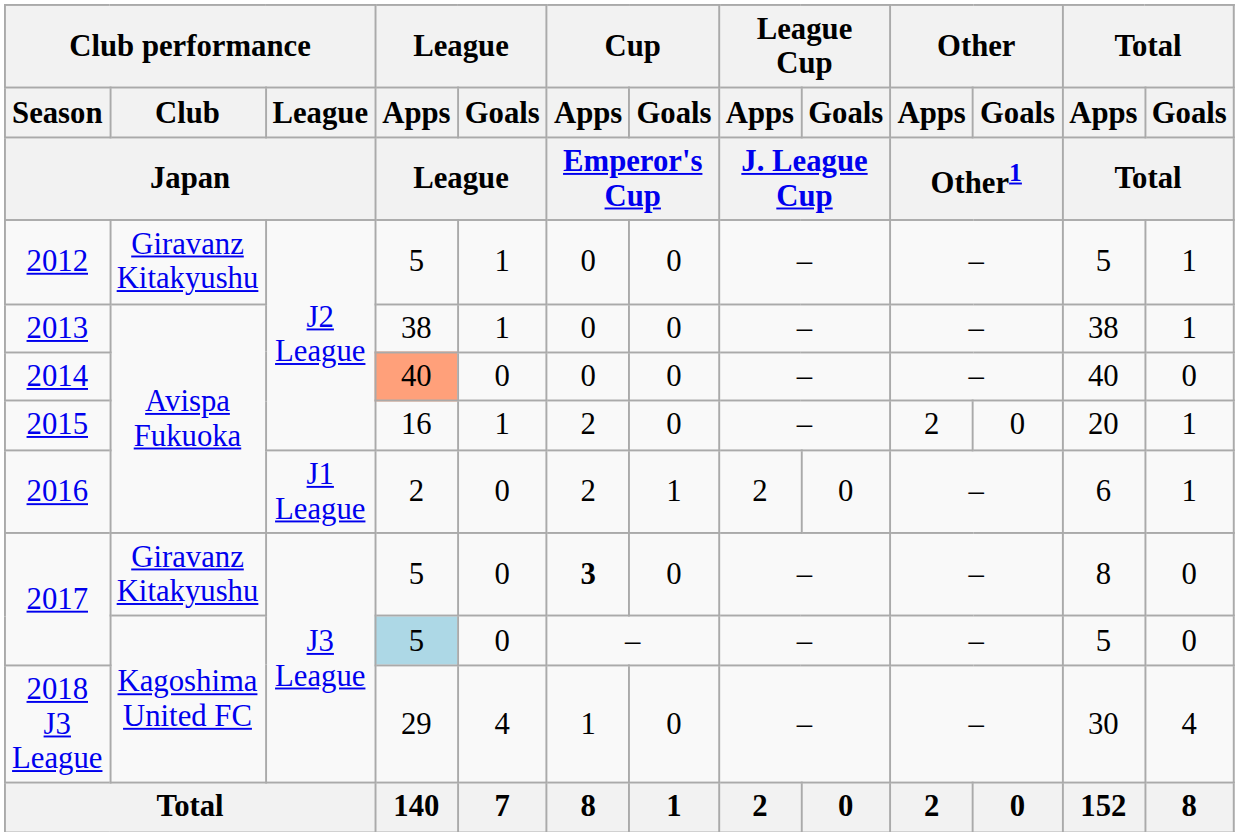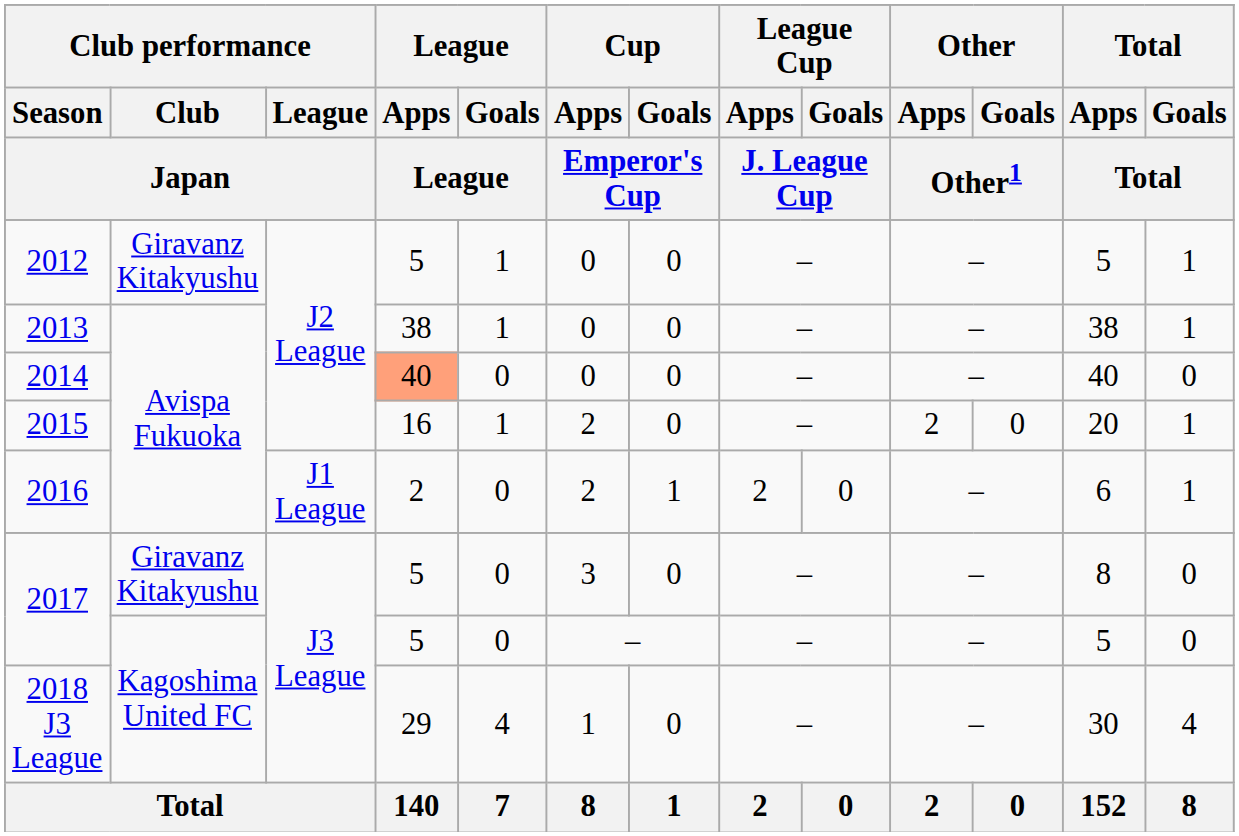 <table class="wikitable" style="text-align:center;">
 <tr>
 <th colspan=3>Club performance</th>
 <th colspan=2>League</th>
 <th colspan=2>Cup</th>
 <th colspan=2>League Cup</th>
 <th colspan=2>Other</th>
 <th colspan=2>Total</th>
 </tr>
 <tr>
 <th>Season</th>
 <th>Club</th>
 <th>League</th>
 <th>Apps</th>
 <th>Goals</th>
 <th>Apps</th>
 <th>Goals</th>
 <th>Apps</th>
 <th>Goals</th>
 <th>Apps</th>
 <th>Goals</th>
 <th>Apps</th>
 <th>Goals</th>
 </tr>
 <tr>
 <th colspan=3>Japan</th>
 <th colspan=2>League</th>
 <th colspan=2><a href='#'>Emperor's Cup</a></th>
 <th colspan=2><a href='#'>J. League Cup</a></th>
 <th colspan=2>Other<sup><a href='#'>1</a></sup></th>
 <th colspan=2>Total</th>
 </tr>
 <tr>
 <td><a href='#'>2012</a></td>
 <td><a href='#'>Giravanz Kitakyushu</a></td>
 <td rowspan=4><a href='#'>J2 League</a></td>
 <td>5</td>
 <td>1</td>
 <td>0</td>
 <td>0</td>
 <td colspan="2">–</td>
 <td colspan="2">–</td>
 <td>5</td>
 <td>1</td>
 </tr>
 <tr>
 <td><a href='#'>2013</a></td>
 <td rowspan="4"><a href='#'>Avispa Fukuoka</a></td>
 <td>38</td>
 <td>1</td>
 <td>0</td>
 <td>0</td>
 <td colspan="2">–</td>
 <td colspan="2">–</td>
 <td>38</td>
 <td>1</td>
 </tr>
 <tr>
 <td><a href='#'>2014</a></td>
 <td style="background: lightsalmon;">40</td>
 <td>0</td>
 <td>0</td>
 <td>0</td>
 <td colspan="2">–</td>
 <td colspan="2">–</td>
 <td>40</td>
 <td>0</td>
 </tr>
 <tr>
 <td><a href='#'>2015</a></td>
 <td>16</td>
 <td>1</td>
 <td>2</td>
 <td>0</td>
 <td colspan="2">–</td>
 <td>2</td>
 <td>0</td>
 <td>20</td>
 <td>1</td>
 </tr>
 <tr>
 <td><a href='#'>2016</a></td>
 <td><a href='#'>J1 League</a></td>
 <td>2</td>
 <td>0</td>
 <td>2</td>
 <td>1</td>
 <td>2</td>
 <td>0</td>
 <td colspan="2">–</td>
 <td>6</td>
 <td>1</td>
 </tr>
 <tr>
 <td rowspan="2"><a href='#'>2017</a></td>
 <td><a href='#'>Giravanz Kitakyushu</a></td>
 <td rowspan="3"><a href='#'>J3 League</a></td>
 <td>5</td>
 <td>0</td>
-<td><strong>3</strong></td>
+<td>3</td>
 <td>0</td>
 <td colspan="2">–</td>
 <td colspan="2">–</td>
 <td>8</td>
 <td>0</td>
 </tr>
 <tr>
 <td rowspan=2><a href='#'>Kagoshima United FC</a></td>
-<td style="background: lightblue;">5</td>
+<td>5</td>
 <td>0</td>
 <td colspan="2">–</td>
 <td colspan="2">–</td>
 <td colspan="2">–</td>
 <td>5</td>
 <td>0</td>
 </tr>
 <tr>
 <td><a href='#'>2018 J3 League</a></td>
 <td>29</td>
 <td>4</td>
 <td>1</td>
 <td>0</td>
 <td colspan="2">–</td>
 <td colspan="2">–</td>
 <td>30</td>
 <td>4</td>
 </tr>
 <tr>
 <th colspan=3>Total</th>
 <th>140</th>
 <th>7</th>
 <th>8</th>
 <th>1</th>
 <th>2</th>
 <th>0</th>
 <th>2</th>
 <th>0</th>
 <th>152</th>
 <th>8</th>
 </tr>
 </table>
